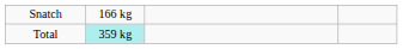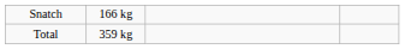 <table class = "wikitable" style="text-align:center;">
 <tr>
 <td width=100>Snatch</td>
 <td width=70>166 kg</td>
 <td width=250 align=left></td>
 <td width=70></td>
 </tr>
 <tr>
 <td>Total</td>
-<td style="background: paleturquoise;">359 kg</td>
+<td>359 kg</td>
 <td align=left></td>
 <td></td>
 </tr>
 </table>
